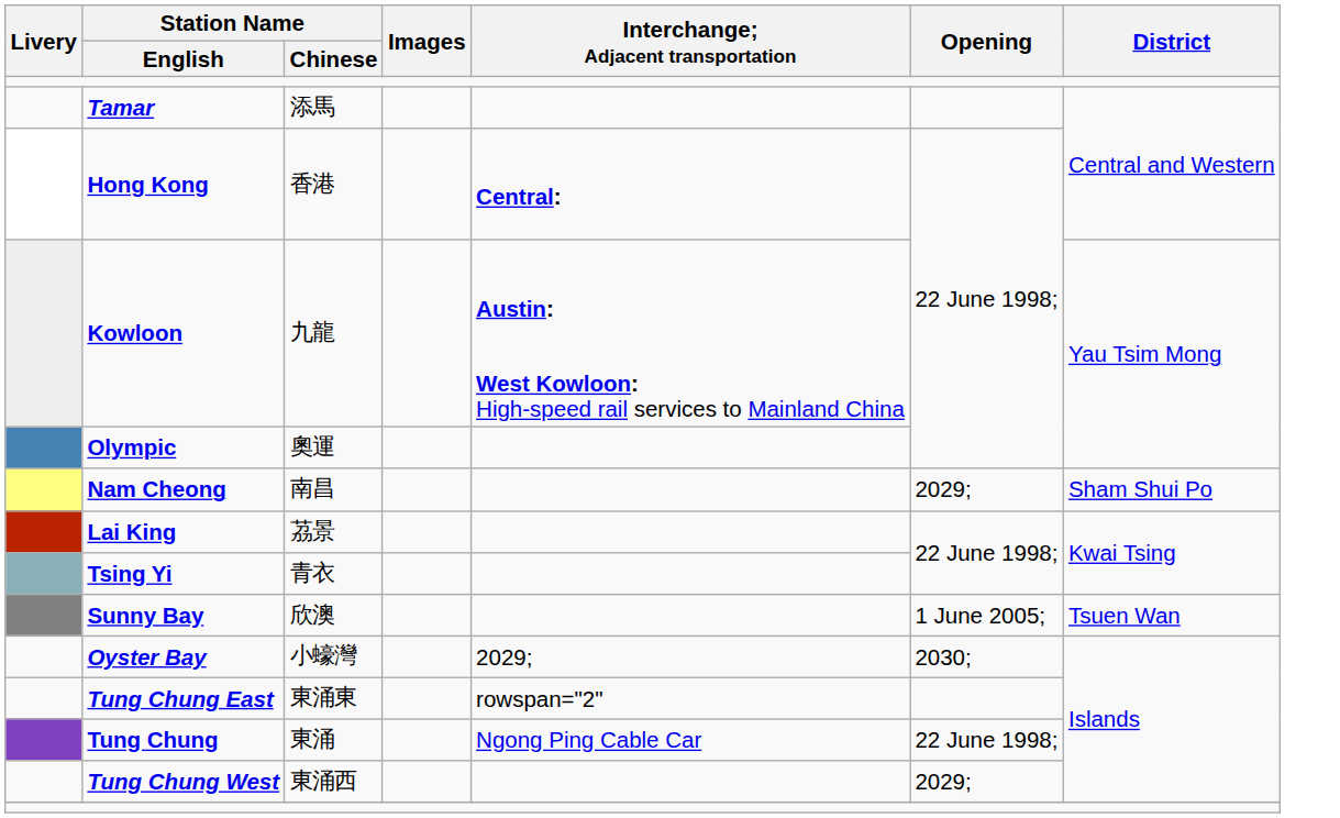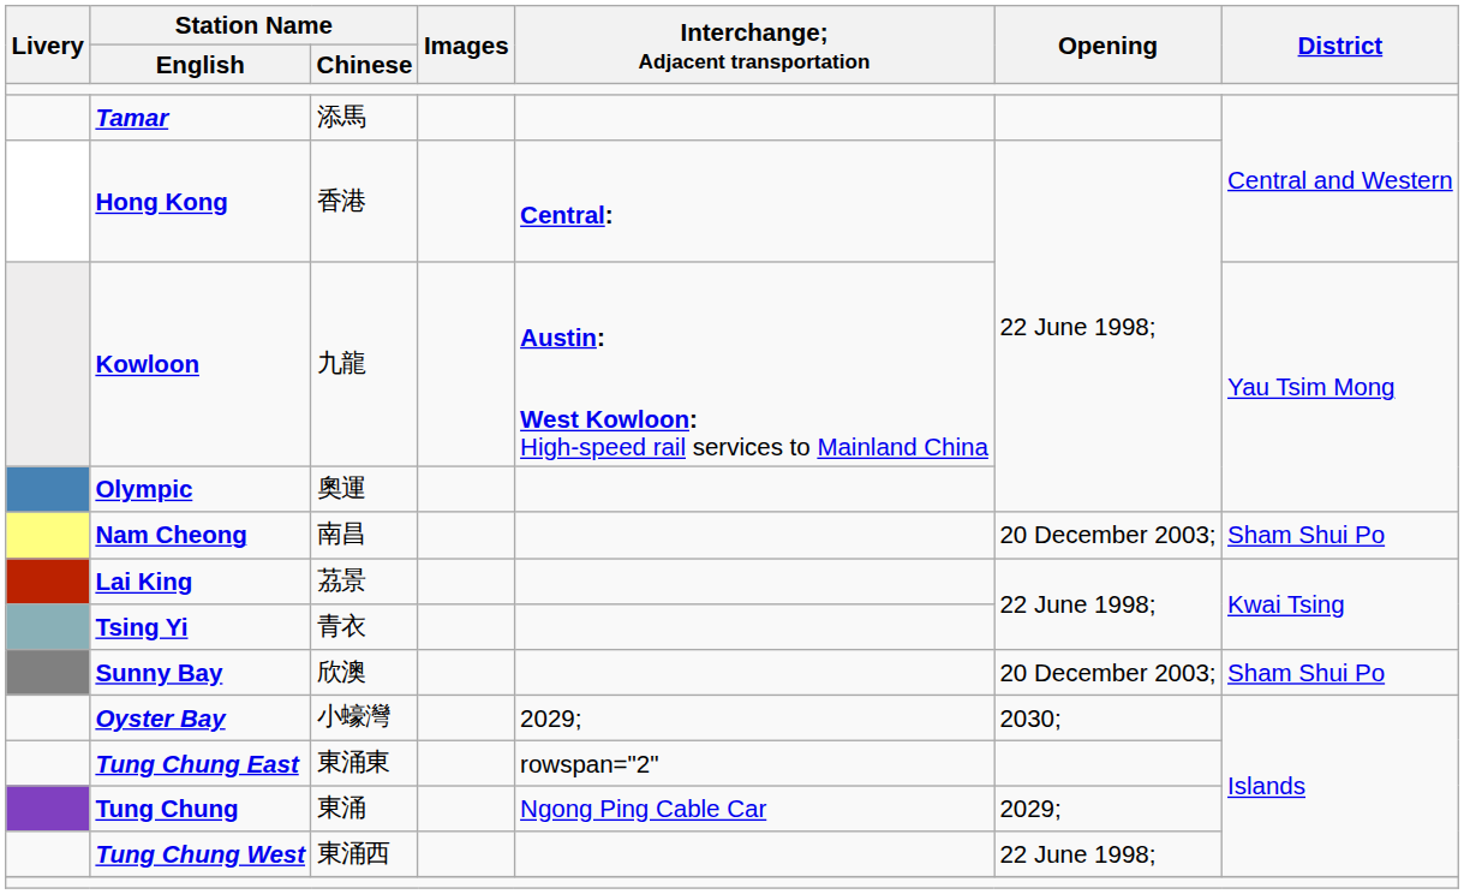 <table class="wikitable" style="color: black; border-collapse: collapse; font-size: 95%">
 <tr>
 <th rowspan="2">Livery</th>
 <th colspan="2">Station Name</th>
 <th rowspan="2">Images</th>
 <th rowspan="2">Interchange;<br><small>Adjacent transportation</small></th>
 <th rowspan="2">Opening</th>
 <th rowspan="2"><a href='#'>District</a></th>
 </tr>
 <tr>
 <th>English</th>
 <th>Chinese</th>
 </tr>
 <tr>
 <td colspan="7" style="text-align:center;"><strong></strong></td>
 </tr>
 <tr>
 <td></td>
 <td><strong><em><a href='#'>Tamar</a></em></strong></td>
 <td>添馬</td>
 <td></td>
 <td></td>
 <td></td>
 <td rowspan="2"><a href='#'>Central and Western</a></td>
 </tr>
 <tr>
 <td style="background-color:#FFFFFF;"></td>
 <td><strong><a href='#'>Hong Kong</a></strong></td>
 <td>香港</td>
 <td></td>
 <td><br><br> <strong><a href='#'>Central</a>:</strong><br><br></td>
 <td rowspan="3">22 June 1998;<br></td>
 </tr>
 <tr>
 <td style="background-color:#EEEDED;"></td>
 <td><strong><a href='#'>Kowloon</a></strong></td>
 <td>九龍</td>
 <td></td>
 <td><br><br> <strong><a href='#'>Austin</a>:</strong><br><br><br><strong> <a href='#'>West Kowloon</a>:</strong><br>  <a href='#'>High-speed rail</a> services to <a href='#'>Mainland China</a></td>
 <td rowspan="2"><a href='#'>Yau Tsim Mong</a></td>
 </tr>
 <tr>
 <td style="background-color:#4682B4;"></td>
 <td><strong><a href='#'>Olympic</a></strong></td>
 <td>奧運</td>
 <td> </td>
 <td></td>
 </tr>
 <tr>
 <td style="background-color:#FFFF80;"></td>
 <td><strong><a href='#'>Nam Cheong</a></strong></td>
 <td>南昌</td>
 <td></td>
 <td></td>
-<td>2029;<br></td>
+<td>20 December 2003;<br></td>
 <td><a href='#'>Sham Shui Po</a></td>
 </tr>
 <tr>
 <td style="background-color:#BB2200;"></td>
 <td><strong><a href='#'>Lai King</a></strong></td>
 <td>茘景</td>
 <td></td>
 <td></td>
 <td rowspan="2">22 June 1998;<br></td>
 <td rowspan="2"><a href='#'>Kwai Tsing</a></td>
 </tr>
 <tr>
 <td style="background-color:#89B0B7;"></td>
 <td><strong><a href='#'>Tsing Yi</a></strong></td>
 <td>青衣</td>
 <td></td>
 <td></td>
 </tr>
 <tr>
 <td style="background-color:#808080;"></td>
 <td><strong><a href='#'>Sunny Bay</a></strong></td>
 <td>欣澳</td>
 <td></td>
 <td></td>
-<td>1 June 2005;<br></td>
-<td><a href='#'>Tsuen Wan</a></td>
+<td>20 December 2003;<br></td>
+<td><a href='#'>Sham Shui Po</a></td>
 </tr>
 <tr>
 <td></td>
 <td><strong><em><a href='#'>Oyster Bay</a></em></strong></td>
 <td>小蠔灣</td>
 <td></td>
 <td>2029;<br></td>
 <td>2030;<br></td>
 <td rowspan="4"><a href='#'>Islands</a></td>
 </tr>
 <tr>
 <td></td>
 <td><strong><em><a href='#'>Tung Chung East</a></em></strong></td>
 <td>東涌東</td>
 <td></td>
 <td>rowspan="2" </td>
 </tr>
 <tr>
 <td style="background-color:#8040C0;"></td>
 <td><strong><a href='#'>Tung Chung</a></strong></td>
 <td>東涌</td>
 <td></td>
 <td> <a href='#'>Ngong Ping Cable Car</a></td>
-<td>22 June 1998;<br></td>
+<td>2029;<br></td>
 </tr>
 <tr>
 <td></td>
 <td><strong><em><a href='#'>Tung Chung West</a></em></strong></td>
 <td>東涌西</td>
 <td></td>
 <td></td>
-<td>2029;<br></td>
+<td>22 June 1998;<br></td>
 </tr>
 <tr>
 </tr>
 <tr>
 <td colspan = "8"></td>
 </tr>
 </table>
